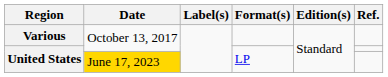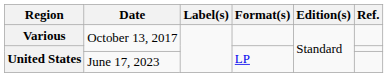 <table class="wikitable plainrowheaders">
 <tr>
 <th scope="col">Region</th>
 <th scope="col">Date</th>
 <th scope="col">Label(s)</th>
 <th scope="col">Format(s)</th>
 <th scope="col">Edition(s)</th>
 <th scope="col">Ref.</th>
 </tr>
 <tr>
 <th scope="row">Various</th>
 <td rowspan="2">October 13, 2017</td>
 <td rowspan="5"></td>
 <td></td>
 <td rowspan="5">Standard</td>
 <td style="text-align: center"></td>
 </tr>
 <tr>
 <th rowspan="2" scope="row">United States</th>
 <td rowspan="2"><a href='#'>LP</a></td>
 <td style="text-align: center"></td>
 </tr>
 <tr>
-<td style="background: gold;">June 17, 2023</td>
+<td>June 17, 2023</td>
 <td style="text-align: center"></td>
 </tr>
 </table>
